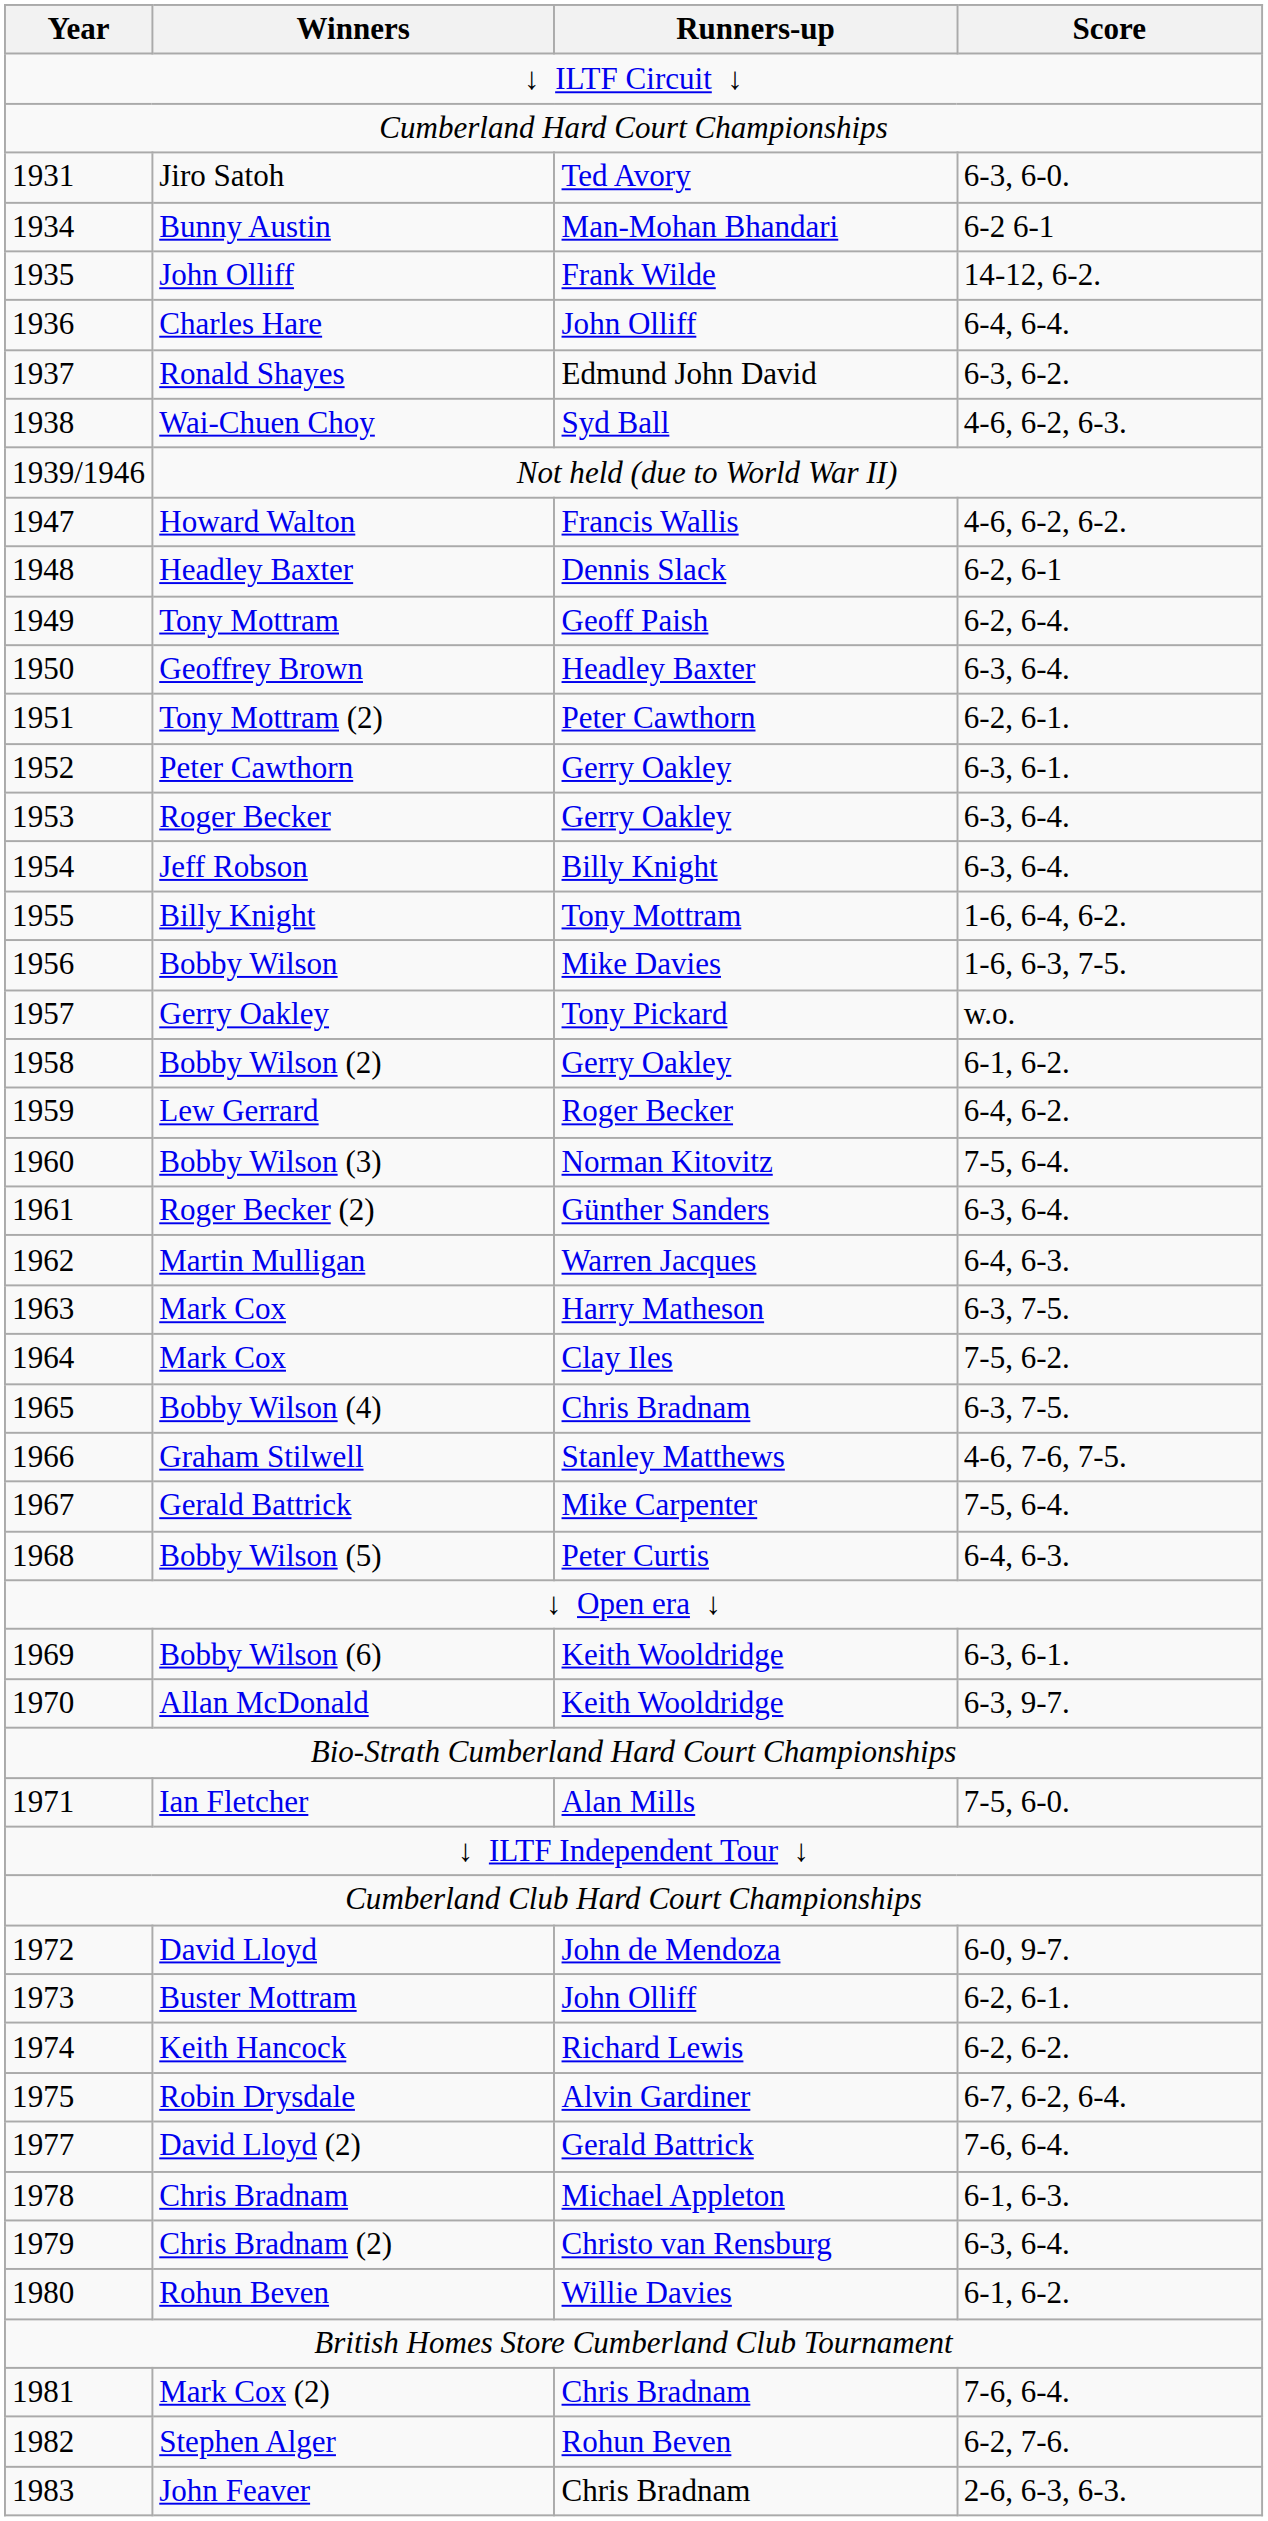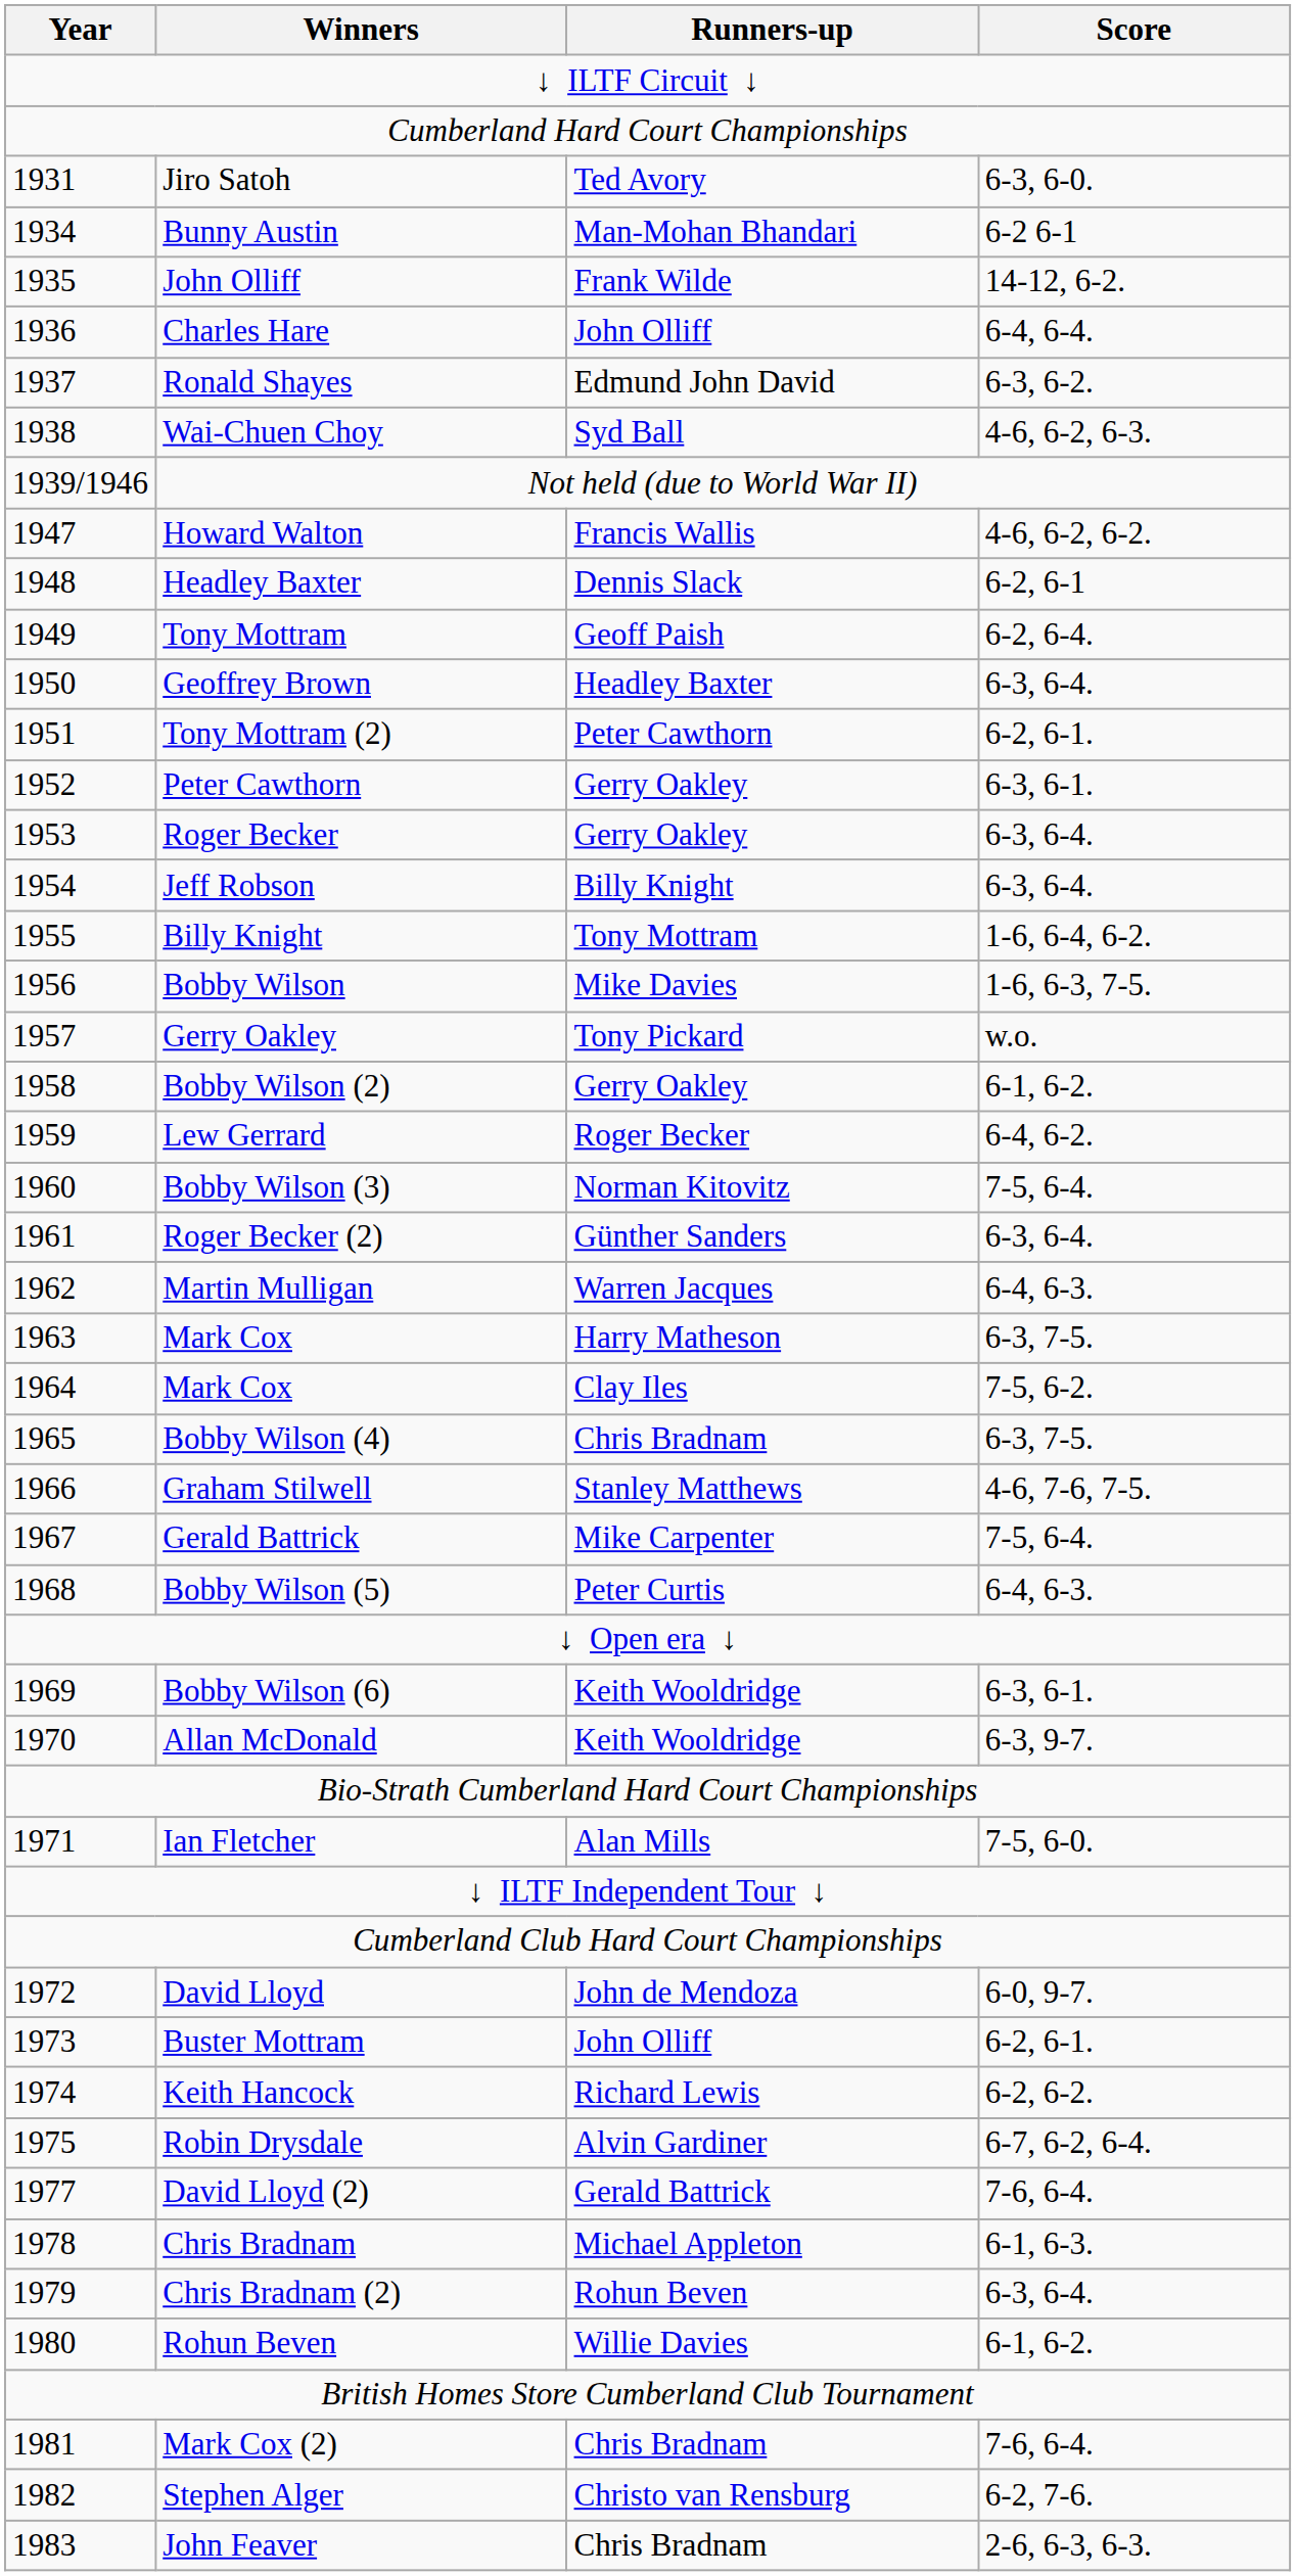 <table class="wikitable sortable">
 <tr>
 <th style="width:60px;">Year</th>
 <th style="width:200px;">Winners</th>
 <th style="width:200px;">Runners-up</th>
 <th style="width:150px;">Score</th>
 </tr>
 <tr>
 <td colspan=4 align=center>↓  <a href='#'>ILTF Circuit</a>  ↓</td>
 </tr>
 <tr>
 <td colspan=4 align=center><em>Cumberland Hard Court Championships</em></td>
 </tr>
 <tr>
 <td>1931</td>
 <td> Jiro Satoh</td>
 <td> <a href='#'>Ted Avory</a></td>
 <td>6-3, 6-0.</td>
 </tr>
 <tr>
 <td>1934</td>
 <td> <a href='#'>Bunny Austin</a></td>
 <td> <a href='#'>Man-Mohan Bhandari</a></td>
 <td>6-2 6-1</td>
 </tr>
 <tr>
 <td>1935</td>
 <td> <a href='#'>John Olliff</a></td>
 <td> <a href='#'>Frank Wilde</a></td>
 <td>14-12, 6-2.</td>
 </tr>
 <tr>
 <td>1936</td>
 <td> <a href='#'>Charles Hare</a></td>
 <td> <a href='#'>John Olliff</a></td>
 <td>6-4, 6-4.</td>
 </tr>
 <tr>
 <td>1937</td>
 <td> <a href='#'>Ronald Shayes</a></td>
 <td> Edmund John David</td>
 <td>6-3, 6-2.</td>
 </tr>
 <tr>
 <td>1938</td>
 <td> <a href='#'>Wai-Chuen Choy</a></td>
 <td> <a href='#'>Syd Ball</a></td>
 <td>4-6, 6-2, 6-3.</td>
 </tr>
 <tr>
 <td>1939/1946</td>
 <td colspan=4 align=center><em>Not held (due to World War II)</em></td>
 </tr>
 <tr>
 <td>1947</td>
 <td> <a href='#'>Howard Walton</a></td>
 <td> <a href='#'>Francis Wallis</a></td>
 <td>4-6, 6-2, 6-2.</td>
 </tr>
 <tr>
 <td>1948</td>
 <td> <a href='#'>Headley Baxter</a></td>
 <td> <a href='#'>Dennis Slack</a></td>
 <td>6-2, 6-1</td>
 </tr>
 <tr>
 <td>1949</td>
 <td> <a href='#'>Tony Mottram</a></td>
 <td> <a href='#'>Geoff Paish</a></td>
 <td>6-2, 6-4.</td>
 </tr>
 <tr>
 <td>1950</td>
 <td> <a href='#'>Geoffrey Brown</a></td>
 <td> <a href='#'>Headley Baxter</a></td>
 <td>6-3, 6-4.</td>
 </tr>
 <tr>
 <td>1951</td>
 <td> <a href='#'>Tony Mottram</a> (2)</td>
 <td> <a href='#'>Peter Cawthorn</a></td>
 <td>6-2, 6-1.</td>
 </tr>
 <tr>
 <td>1952</td>
 <td> <a href='#'>Peter Cawthorn</a></td>
 <td> <a href='#'>Gerry Oakley</a></td>
 <td>6-3, 6-1.</td>
 </tr>
 <tr>
 <td>1953</td>
 <td> <a href='#'>Roger Becker</a></td>
 <td> <a href='#'>Gerry Oakley</a></td>
 <td>6-3, 6-4.</td>
 </tr>
 <tr>
 <td>1954</td>
 <td> <a href='#'>Jeff Robson</a></td>
 <td> <a href='#'>Billy Knight</a></td>
 <td>6-3, 6-4.</td>
 </tr>
 <tr>
 <td>1955</td>
 <td> <a href='#'>Billy Knight</a></td>
 <td> <a href='#'>Tony Mottram</a></td>
 <td>1-6, 6-4, 6-2.</td>
 </tr>
 <tr>
 <td>1956</td>
 <td> <a href='#'>Bobby Wilson</a></td>
 <td> <a href='#'>Mike Davies</a></td>
 <td>1-6, 6-3, 7-5.</td>
 </tr>
 <tr>
 <td>1957</td>
 <td> <a href='#'>Gerry Oakley</a></td>
 <td> <a href='#'>Tony Pickard</a></td>
 <td>w.o.</td>
 </tr>
 <tr>
 <td>1958</td>
 <td> <a href='#'>Bobby Wilson</a> (2)</td>
 <td> <a href='#'>Gerry Oakley</a></td>
 <td>6-1, 6-2.</td>
 </tr>
 <tr>
 <td>1959</td>
 <td> <a href='#'>Lew Gerrard</a></td>
 <td> <a href='#'>Roger Becker</a></td>
 <td>6-4, 6-2.</td>
 </tr>
 <tr>
 <td>1960</td>
 <td> <a href='#'>Bobby Wilson</a> (3)</td>
 <td> <a href='#'>Norman Kitovitz</a></td>
 <td>7-5, 6-4.</td>
 </tr>
 <tr>
 <td>1961</td>
 <td> <a href='#'>Roger Becker</a> (2)</td>
 <td> <a href='#'>Günther Sanders</a></td>
 <td>6-3, 6-4.</td>
 </tr>
 <tr>
 <td>1962</td>
 <td> <a href='#'>Martin Mulligan</a></td>
 <td> <a href='#'>Warren Jacques</a></td>
 <td>6-4, 6-3.</td>
 </tr>
 <tr>
 <td>1963</td>
 <td> <a href='#'>Mark Cox</a></td>
 <td> <a href='#'>Harry Matheson</a></td>
 <td>6-3, 7-5.</td>
 </tr>
 <tr>
 <td>1964</td>
 <td> <a href='#'>Mark Cox</a></td>
 <td> <a href='#'>Clay Iles</a></td>
 <td>7-5, 6-2.</td>
 </tr>
 <tr>
 <td>1965</td>
 <td> <a href='#'>Bobby Wilson</a> (4)</td>
 <td>  <a href='#'>Chris Bradnam</a></td>
 <td>6-3, 7-5.</td>
 </tr>
 <tr>
 <td>1966</td>
 <td> <a href='#'>Graham Stilwell</a></td>
 <td> <a href='#'>Stanley Matthews</a></td>
 <td>4-6, 7-6, 7-5.</td>
 </tr>
 <tr>
 <td>1967</td>
 <td> <a href='#'>Gerald Battrick</a></td>
 <td> <a href='#'>Mike Carpenter</a></td>
 <td>7-5, 6-4.</td>
 </tr>
 <tr>
 <td>1968</td>
 <td> <a href='#'>Bobby Wilson</a> (5)</td>
 <td>  <a href='#'>Peter Curtis</a></td>
 <td>6-4, 6-3.</td>
 </tr>
 <tr>
 <td colspan=4 align=center>↓  <a href='#'>Open era</a>  ↓</td>
 </tr>
 <tr>
 <td>1969</td>
 <td> <a href='#'>Bobby Wilson</a> (6)</td>
 <td> <a href='#'>Keith Wooldridge</a></td>
 <td>6-3, 6-1.</td>
 </tr>
 <tr>
 <td>1970</td>
 <td> <a href='#'>Allan McDonald</a></td>
 <td> <a href='#'>Keith Wooldridge</a></td>
 <td>6-3, 9-7.</td>
 </tr>
 <tr>
 <td colspan=4 align=center><em>Bio-Strath Cumberland Hard Court Championships</em></td>
 </tr>
 <tr>
 <td>1971</td>
 <td> <a href='#'>Ian Fletcher</a></td>
 <td> <a href='#'>Alan Mills</a></td>
 <td>7-5, 6-0.</td>
 </tr>
 <tr>
 <td colspan=4 align=center>↓  <a href='#'>ILTF Independent Tour</a>  ↓</td>
 </tr>
 <tr>
 <td colspan=4 align=center><em> Cumberland Club Hard Court Championships</em></td>
 </tr>
 <tr>
 <td>1972</td>
 <td> <a href='#'>David Lloyd</a></td>
 <td> <a href='#'>John de Mendoza</a></td>
 <td>6-0, 9-7.</td>
 </tr>
 <tr>
 <td>1973</td>
 <td> <a href='#'>Buster Mottram</a></td>
 <td> <a href='#'>John Olliff</a></td>
 <td>6-2, 6-1.</td>
 </tr>
 <tr>
 <td>1974</td>
 <td> <a href='#'>Keith Hancock</a></td>
 <td> <a href='#'>Richard Lewis</a></td>
 <td>6-2, 6-2.</td>
 </tr>
 <tr>
 <td>1975</td>
 <td> <a href='#'>Robin Drysdale</a></td>
 <td> <a href='#'>Alvin Gardiner</a></td>
 <td>6-7, 6-2, 6-4.</td>
 </tr>
 <tr>
 <td>1977</td>
 <td> <a href='#'>David Lloyd</a> (2)</td>
 <td> <a href='#'>Gerald Battrick</a></td>
 <td>7-6, 6-4.</td>
 </tr>
 <tr>
 <td>1978</td>
 <td>  <a href='#'>Chris Bradnam</a></td>
 <td> <a href='#'>Michael Appleton</a></td>
 <td>6-1, 6-3.</td>
 </tr>
 <tr>
 <td>1979</td>
 <td> <a href='#'>Chris Bradnam</a> (2)</td>
-<td> <a href='#'>Christo van Rensburg</a></td>
+<td> <a href='#'>Rohun Beven</a></td>
 <td>6-3, 6-4.</td>
 </tr>
 <tr>
 <td>1980</td>
 <td> <a href='#'>Rohun Beven</a></td>
 <td> <a href='#'>Willie Davies</a></td>
 <td>6-1, 6-2.</td>
 </tr>
 <tr>
 <td colspan=4 align=center><em>British Homes Store Cumberland Club Tournament</em></td>
 </tr>
 <tr>
 <td>1981</td>
 <td> <a href='#'>Mark Cox</a> (2)</td>
 <td> <a href='#'>Chris Bradnam</a></td>
 <td>7-6, 6-4.</td>
 </tr>
 <tr>
 <td>1982</td>
 <td> <a href='#'>Stephen Alger</a></td>
-<td> <a href='#'>Rohun Beven</a></td>
+<td> <a href='#'>Christo van Rensburg</a></td>
 <td>6-2, 7-6.</td>
 </tr>
 <tr>
 <td>1983</td>
 <td> <a href='#'>John Feaver</a></td>
 <td> Chris Bradnam</td>
 <td>2-6, 6-3, 6-3.</td>
 </tr>
 </table>
